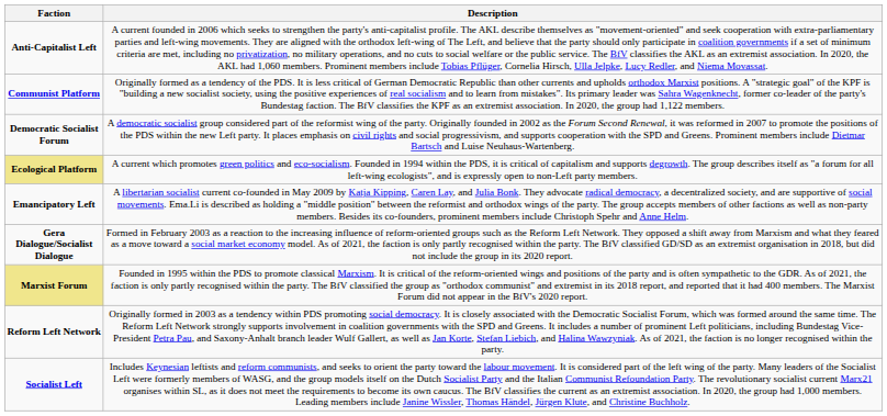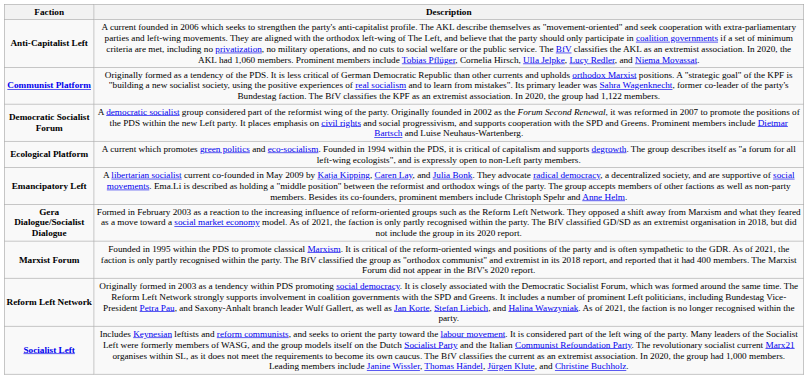 <table class=wikitable style="font-size:90%; text-align:center">
 <tr>
 <th>Faction</th>
 <th>Description</th>
 </tr>
 <tr>
 <td><strong>Anti-Capitalist Left</strong><br><em></em></td>
 <td>A current founded in 2006 which seeks to strengthen the party's anti-capitalist profile. The AKL describe themselves as "movement-oriented" and seek cooperation with extra-parliamentary parties and left-wing movements. They are aligned with the orthodox left-wing of The Left, and believe that the party should only participate in <a href='#'>coalition governments</a> if a set of minimum criteria are met, including no <a href='#'>privatization</a>, no military operations, and no cuts to social welfare or the public service. The <a href='#'>BfV</a> classifies the AKL as an extremist association. In 2020, the AKL had 1,060 members. Prominent members include <a href='#'>Tobias Pflüger</a>, Cornelia Hirsch, <a href='#'>Ulla Jelpke</a>, <a href='#'>Lucy Redler</a>, and <a href='#'>Niema Movassat</a>.</td>
 </tr>
 <tr>
 <td><strong><a href='#'>Communist Platform</a></strong><br><em></em></td>
 <td>Originally formed as a tendency of the PDS. It is less critical of German Democratic Republic than other currents and upholds <a href='#'>orthodox Marxist</a> positions. A "strategic goal" of the KPF is "building a new socialist society, using the positive experiences of <a href='#'>real socialism</a> and to learn from mistakes". Its primary leader was <a href='#'>Sahra Wagenknecht</a>, former co-leader of the party's Bundestag faction. The BfV classifies the KPF as an extremist association. In 2020, the group had 1,122 members.</td>
 </tr>
 <tr>
 <td><strong>Democratic Socialist Forum</strong><br><em></em></td>
 <td>A <a href='#'>democratic socialist</a> group considered part of the reformist wing of the party. Originally founded in 2002 as the <em>Forum Second Renewal</em>, it was reformed in 2007 to promote the positions of the PDS within the new Left party. It places emphasis on <a href='#'>civil rights</a> and social progressivism, and supports cooperation with the SPD and Greens. Prominent members include <a href='#'>Dietmar Bartsch</a> and Luise Neuhaus-Wartenberg.</td>
 </tr>
 <tr>
-<td style="background: khaki;"><strong>Ecological Platform</strong><br><em></em></td>
+<td><strong>Ecological Platform</strong><br><em></em></td>
 <td>A current which promotes <a href='#'>green politics</a> and <a href='#'>eco-socialism</a>. Founded in 1994 within the PDS, it is critical of capitalism and supports <a href='#'>degrowth</a>. The group describes itself as "a forum for all left-wing ecologists", and is expressly open to non-Left party members.</td>
 </tr>
 <tr>
 <td><strong>Emancipatory Left</strong><br><em></em></td>
 <td>A <a href='#'>libertarian socialist</a> current co-founded in May 2009 by <a href='#'>Katja Kipping</a>, <a href='#'>Caren Lay</a>, and <a href='#'>Julia Bonk</a>. They advocate <a href='#'>radical democracy</a>, a decentralized society, and are supportive of <a href='#'>social movements</a>. Ema.Li is described as holding a "middle position" between the reformist and orthodox wings of the party. The group accepts members of other factions as well as non-party members. Besides its co-founders, prominent members include Christoph Spehr and <a href='#'>Anne Helm</a>.</td>
 </tr>
 <tr>
 <td><strong>Gera Dialogue/Socialist Dialogue</strong><br><em></em></td>
 <td>Formed in February 2003 as a reaction to the increasing influence of reform-oriented groups such as the Reform Left Network. They opposed a shift away from Marxism and what they feared as a move toward a <a href='#'>social market economy</a> model. As of 2021, the faction is only partly recognised within the party. The BfV classified GD/SD as an extremist organisation in 2018, but did not include the group in its 2020 report.</td>
 </tr>
 <tr>
-<td style="background: khaki;"><strong>Marxist Forum</strong><br><em></em></td>
+<td><strong>Marxist Forum</strong><br><em></em></td>
 <td>Founded in 1995 within the PDS to promote classical <a href='#'>Marxism</a>. It is critical of the reform-oriented wings and positions of the party and is often sympathetic to the GDR. As of 2021, the faction is only partly recognised within the party. The BfV classified the group as "orthodox communist" and extremist in its 2018 report, and reported that it had 400 members. The Marxist Forum did not appear in the BfV's 2020 report.</td>
 </tr>
 <tr>
 <td><strong>Reform Left Network</strong><br><em></em></td>
 <td>Originally formed in 2003 as a tendency within PDS promoting <a href='#'>social democracy</a>. It is closely associated with the Democratic Socialist Forum, which was formed around the same time. The Reform Left Network strongly supports involvement in coalition governments with the SPD and Greens. It includes a number of prominent Left politicians, including Bundestag Vice-President <a href='#'>Petra Pau</a>, and Saxony-Anhalt branch leader Wulf Gallert, as well as <a href='#'>Jan Korte</a>, <a href='#'>Stefan Liebich</a>, and <a href='#'>Halina Wawzyniak</a>. As of 2021, the faction is no longer recognised within the party.</td>
 </tr>
 <tr>
 <td><strong><a href='#'>Socialist Left</a></strong><br><em></em></td>
 <td>Includes <a href='#'>Keynesian</a> leftists and <a href='#'>reform communists</a>, and seeks to orient the party toward the <a href='#'>labour movement</a>. It is considered part of the left wing of the party. Many leaders of the Socialist Left were formerly members of WASG, and the group models itself on the Dutch <a href='#'>Socialist Party</a> and the Italian <a href='#'>Communist Refoundation Party</a>. The revolutionary socialist current <a href='#'>Marx21</a> organises within SL, as it does not meet the requirements to become its own caucus. The BfV classifies the current as an extremist association. In 2020, the group had 1,000 members. Leading members include <a href='#'>Janine Wissler</a>, <a href='#'>Thomas Händel</a>, <a href='#'>Jürgen Klute</a>, and <a href='#'>Christine Buchholz</a>.</td>
 </tr>
 </table>
